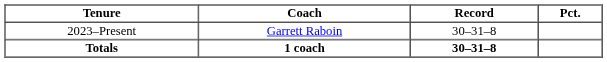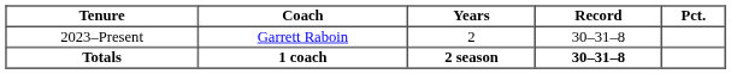 <table cellpadding="1" border="1" cellspacing="0" width="60%">
 <tr>
 <th>Tenure</th>
 <th>Coach</th>
+<th>Years</th>
 <th>Record</th>
 <th>Pct.</th>
 </tr>
 <tr align="center">
 <td>2023–Present</td>
 <td><a href='#'>Garrett Raboin</a></td>
+<td>2</td>
 <td>30–31–8</td>
 <td></td>
 </tr>
 <tr align=center>
 <th>Totals</th>
 <th>1 coach</th>
+<th>2 season</th>
 <th>30–31–8</th>
 <th></th>
 </tr>
 </table>
